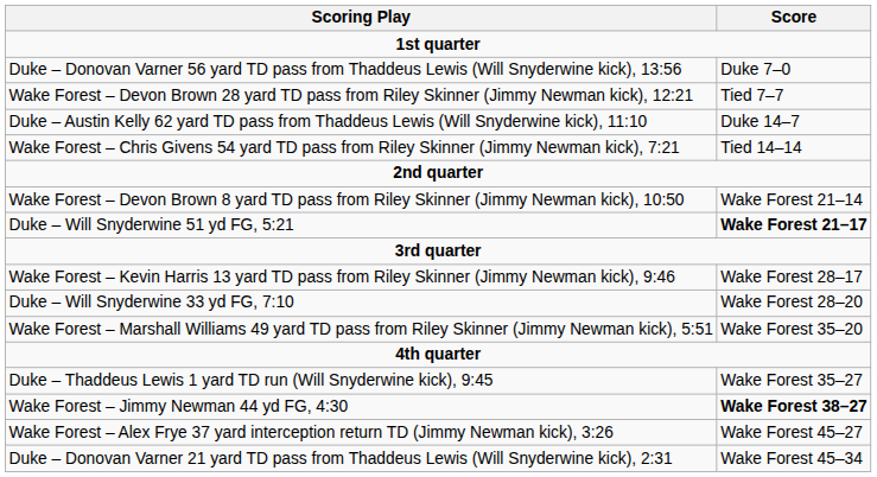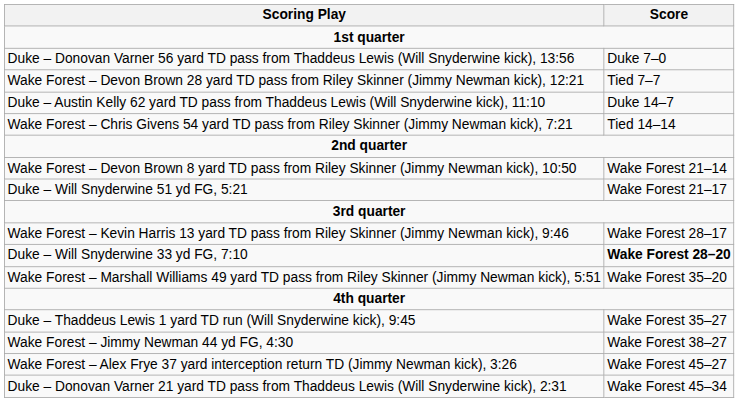 <table class="wikitable">
 <tr>
 <th>Scoring Play</th>
 <th>Score</th>
 </tr>
 <tr>
 <td colspan="4" align="center"><strong>1st quarter</strong></td>
 </tr>
 <tr>
 <td>Duke – Donovan Varner 56 yard TD pass from Thaddeus Lewis (Will Snyderwine kick), 13:56</td>
 <td>Duke 7–0</td>
 </tr>
 <tr>
 <td>Wake Forest – Devon Brown 28 yard TD pass from Riley Skinner (Jimmy Newman kick), 12:21</td>
 <td>Tied 7–7</td>
 </tr>
 <tr>
 <td>Duke – Austin Kelly 62 yard TD pass from Thaddeus Lewis (Will Snyderwine kick), 11:10</td>
 <td>Duke 14–7</td>
 </tr>
 <tr>
 <td>Wake Forest – Chris Givens 54 yard TD pass from Riley Skinner (Jimmy Newman kick), 7:21</td>
 <td>Tied 14–14</td>
 </tr>
 <tr>
 <td colspan="4" align="center"><strong>2nd quarter</strong></td>
 </tr>
 <tr>
 <td>Wake Forest – Devon Brown 8 yard TD pass from Riley Skinner (Jimmy Newman kick), 10:50</td>
 <td>Wake Forest 21–14</td>
 </tr>
 <tr>
 <td>Duke – Will Snyderwine 51 yd FG, 5:21</td>
-<td><strong>Wake Forest 21–17</strong></td>
+<td>Wake Forest 21–17</td>
 </tr>
 <tr>
 <td colspan="6" align="center"><strong>3rd quarter</strong></td>
 </tr>
 <tr>
 <td>Wake Forest – Kevin Harris 13 yard TD pass from Riley Skinner (Jimmy Newman kick), 9:46</td>
 <td>Wake Forest 28–17</td>
 </tr>
 <tr>
 <td>Duke – Will Snyderwine 33 yd FG, 7:10</td>
-<td>Wake Forest 28–20</td>
+<td><strong>Wake Forest 28–20</strong></td>
 </tr>
 <tr>
 <td>Wake Forest – Marshall Williams 49 yard TD pass from Riley Skinner (Jimmy Newman kick), 5:51</td>
 <td>Wake Forest 35–20</td>
 </tr>
 <tr>
 <td colspan="6" align="center"><strong>4th quarter</strong></td>
 </tr>
 <tr>
 <td>Duke – Thaddeus Lewis 1 yard TD run (Will Snyderwine kick), 9:45</td>
 <td>Wake Forest 35–27</td>
 </tr>
 <tr>
 <td>Wake Forest – Jimmy Newman 44 yd FG, 4:30</td>
-<td><strong>Wake Forest 38–27</strong></td>
+<td>Wake Forest 38–27</td>
 </tr>
 <tr>
 <td>Wake Forest – Alex Frye 37 yard interception return TD (Jimmy Newman kick), 3:26</td>
 <td>Wake Forest 45–27</td>
 </tr>
 <tr>
 <td>Duke – Donovan Varner 21 yard TD pass from Thaddeus Lewis (Will Snyderwine kick), 2:31</td>
 <td>Wake Forest 45–34</td>
 </tr>
 </table>
